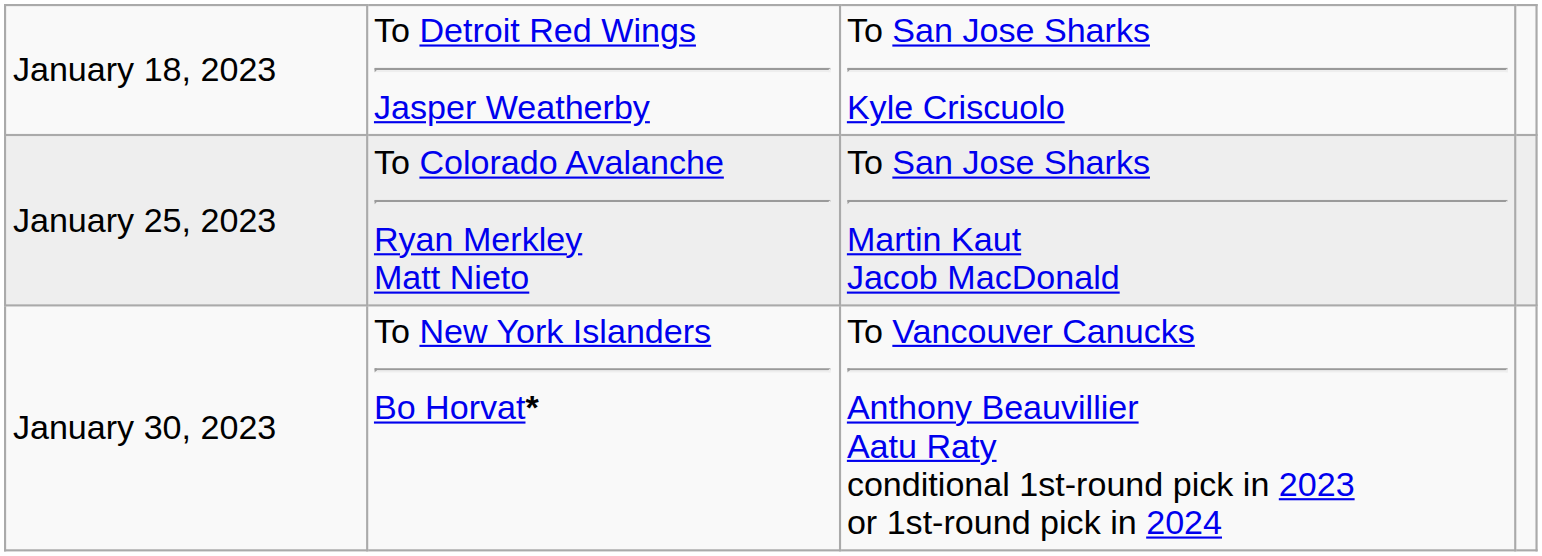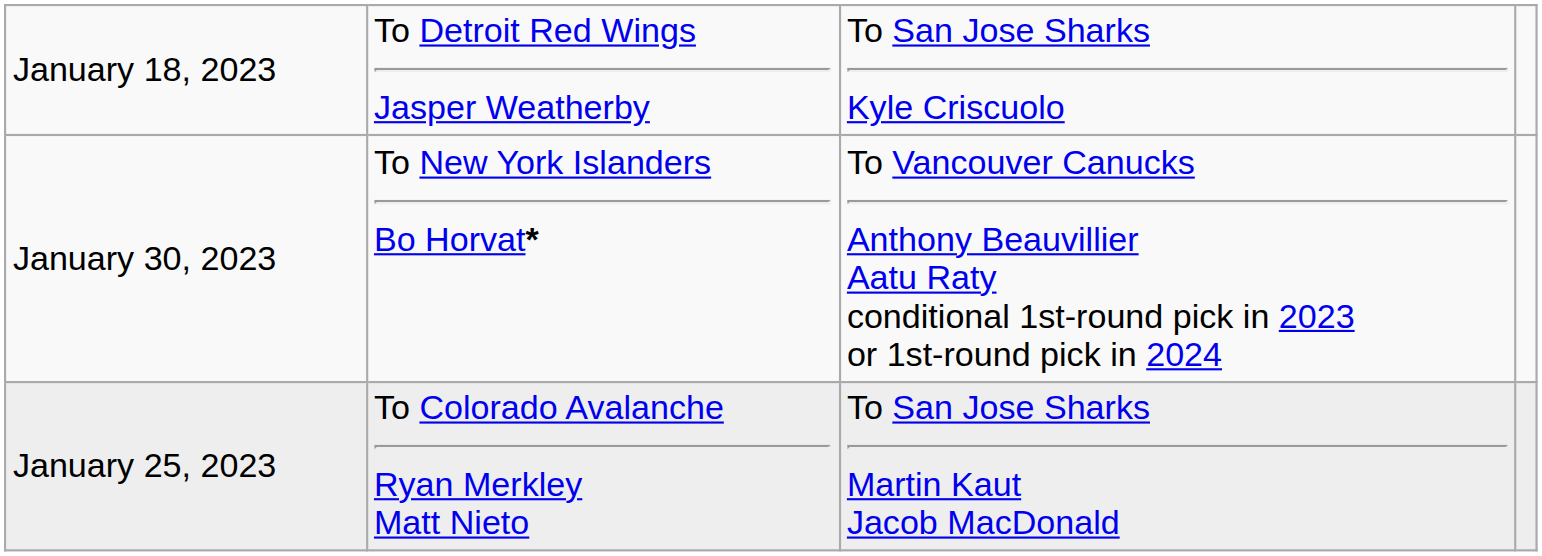 <table cellspacing=0 class="wikitable" style="border:1px solid #999999; width:720px;">
 <tr>
 <td>January 18, 2023</td>
 <td valign="top">To <a href='#'>Detroit Red Wings</a><hr><a href='#'>Jasper Weatherby</a></td>
 <td valign="top">To <a href='#'>San Jose Sharks</a><hr><a href='#'>Kyle Criscuolo</a></td>
+<td></td>
+</tr>
+<tr>
+<td>January 30, 2023</td>
+<td valign="top">To <a href='#'>New York Islanders</a><hr><a href='#'>Bo Horvat</a><span><strong>*</strong></span></td>
+<td valign="top">To <a href='#'>Vancouver Canucks</a><hr><a href='#'>Anthony Beauvillier</a><br><a href='#'>Aatu Raty</a><br><span>conditional</span> 1st-round pick in <a href='#'>2023</a><br>or  1st-round pick in <a href='#'>2024</a></td>
 <td></td>
 </tr>
 <tr bgcolor="eeeeee">
 <td>January 25, 2023</td>
 <td>To <a href='#'>Colorado Avalanche</a><hr><a href='#'>Ryan Merkley</a><br><a href='#'>Matt Nieto</a></td>
 <td>To <a href='#'>San Jose Sharks</a><hr><a href='#'>Martin Kaut</a><br><a href='#'>Jacob MacDonald</a></td>
 <td></td>
 </tr>
-<tr>
-<td>January 30, 2023</td>
-<td valign="top">To <a href='#'>New York Islanders</a><hr><a href='#'>Bo Horvat</a><span><strong>*</strong></span></td>
-<td valign="top">To <a href='#'>Vancouver Canucks</a><hr><a href='#'>Anthony Beauvillier</a><br><a href='#'>Aatu Raty</a><br><span>conditional</span> 1st-round pick in <a href='#'>2023</a><br>or  1st-round pick in <a href='#'>2024</a></td>
-<td></td>
-</tr>
 </table>
